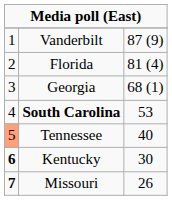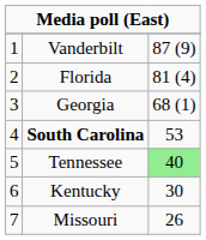 <table class="wikitable">
 <tr align="center">
 <td align="center" Colspan="3"><strong>Media poll (East)</strong></td>
 </tr>
 <tr align="center">
 </tr>
 <tr align="center">
 <td>1</td>
 <td>Vanderbilt</td>
 <td>87 (9)</td>
 </tr>
 <tr align="center">
 <td>2</td>
 <td>Florida</td>
 <td>81 (4)</td>
 </tr>
 <tr align="center">
 <td>3</td>
 <td>Georgia</td>
 <td>68 (1)</td>
 </tr>
 <tr align="center">
 <td>4</td>
 <td><strong>South Carolina</strong></td>
 <td>53</td>
 </tr>
 <tr align="center">
-<td style="background: lightsalmon;">5</td>
+<td>5</td>
 <td>Tennessee</td>
-<td>40</td>
+<td style="background: lightgreen;">40</td>
 </tr>
 <tr align="center">
-<td><strong>6</strong></td>
+<td>6</td>
 <td>Kentucky</td>
 <td>30</td>
 </tr>
 <tr align="center">
-<td><strong>7</strong></td>
+<td>7</td>
 <td>Missouri</td>
 <td>26</td>
 </tr>
 </table>
